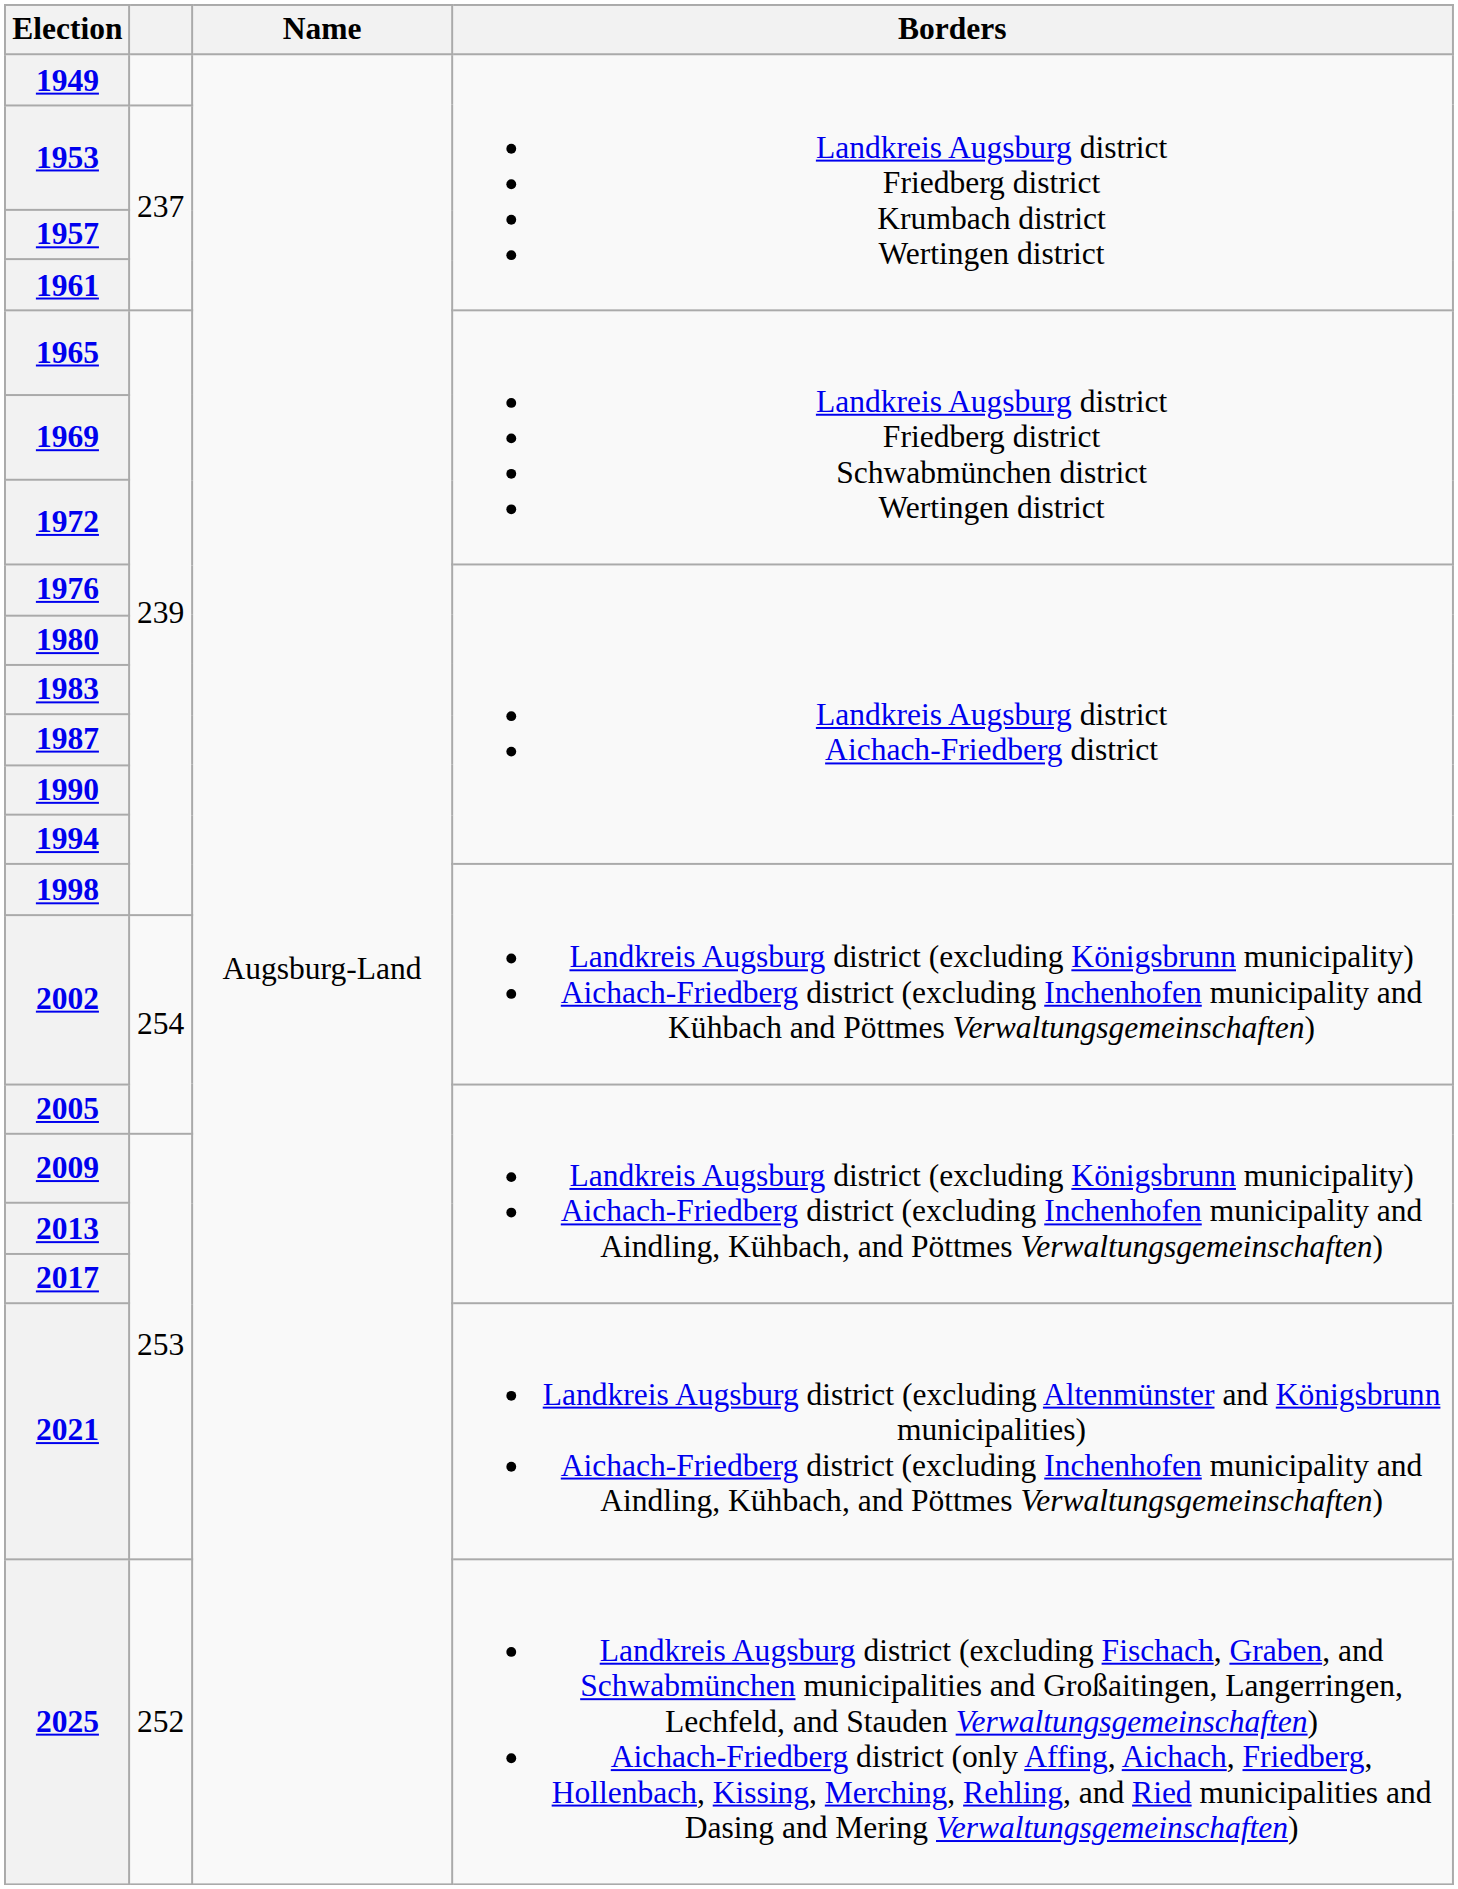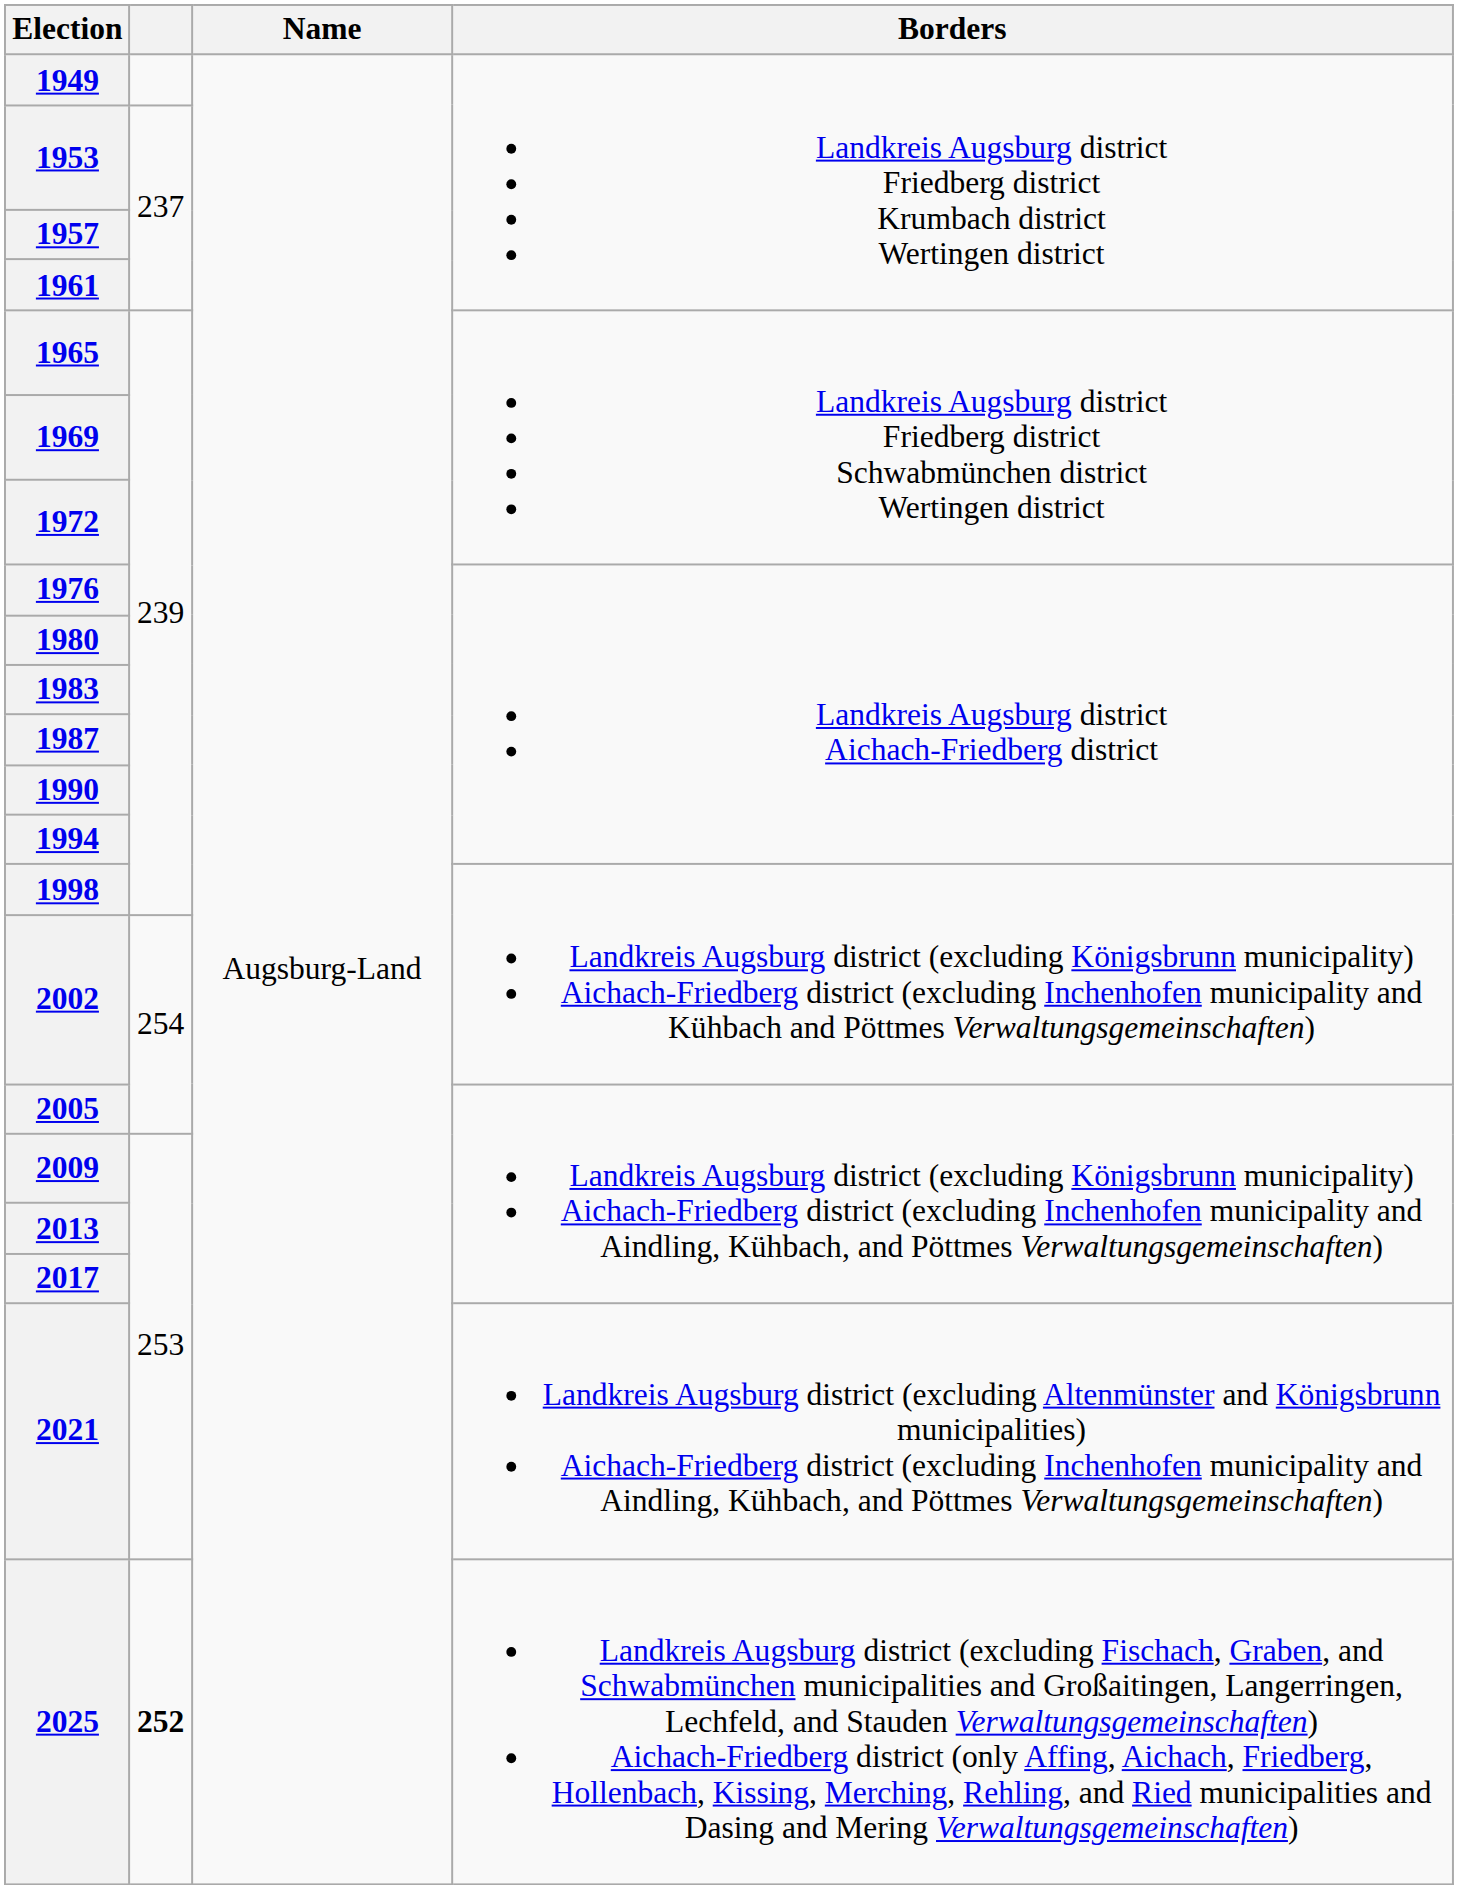 <table class=wikitable style="text-align:center">
 <tr>
 <th>Election</th>
 <th></th>
 <th width=125px>Name</th>
 <th width=500px>Borders</th>
 </tr>
 <tr>
 <th><a href='#'>1949</a></th>
 <td></td>
 <td rowspan=21>Augsburg-Land</td>
 <td rowspan=4><br><ul><li><a href='#'>Landkreis Augsburg</a> district</li><li>Friedberg district</li><li>Krumbach district</li><li>Wertingen district</li></ul></td>
 </tr>
 <tr>
 <th><a href='#'>1953</a></th>
 <td rowspan=3>237</td>
 </tr>
 <tr>
 <th><a href='#'>1957</a></th>
 </tr>
 <tr>
 <th><a href='#'>1961</a></th>
 </tr>
 <tr>
 <th><a href='#'>1965</a></th>
 <td rowspan=10>239</td>
 <td rowspan=3><br><ul><li><a href='#'>Landkreis Augsburg</a> district</li><li>Friedberg district</li><li>Schwabmünchen district</li><li>Wertingen district</li></ul></td>
 </tr>
 <tr>
 <th><a href='#'>1969</a></th>
 </tr>
 <tr>
 <th><a href='#'>1972</a></th>
 </tr>
 <tr>
 <th><a href='#'>1976</a></th>
 <td rowspan=6><br><ul><li><a href='#'>Landkreis Augsburg</a> district</li><li><a href='#'>Aichach-Friedberg</a> district</li></ul></td>
 </tr>
 <tr>
 <th><a href='#'>1980</a></th>
 </tr>
 <tr>
 <th><a href='#'>1983</a></th>
 </tr>
 <tr>
 <th><a href='#'>1987</a></th>
 </tr>
 <tr>
 <th><a href='#'>1990</a></th>
 </tr>
 <tr>
 <th><a href='#'>1994</a></th>
 </tr>
 <tr>
 <th><a href='#'>1998</a></th>
 <td rowspan=2><br><ul><li><a href='#'>Landkreis Augsburg</a> district (excluding <a href='#'>Königsbrunn</a> municipality)</li><li><a href='#'>Aichach-Friedberg</a> district (excluding <a href='#'>Inchenhofen</a> municipality and Kühbach and Pöttmes <em>Verwaltungsgemeinschaften</em>)</li></ul></td>
 </tr>
 <tr>
 <th><a href='#'>2002</a></th>
 <td rowspan=2>254</td>
 </tr>
 <tr>
 <th><a href='#'>2005</a></th>
 <td rowspan=4><br><ul><li><a href='#'>Landkreis Augsburg</a> district (excluding <a href='#'>Königsbrunn</a> municipality)</li><li><a href='#'>Aichach-Friedberg</a> district (excluding <a href='#'>Inchenhofen</a> municipality and Aindling, Kühbach, and Pöttmes <em>Verwaltungsgemeinschaften</em>)</li></ul></td>
 </tr>
 <tr>
 <th><a href='#'>2009</a></th>
 <td rowspan=4>253</td>
 </tr>
 <tr>
 <th><a href='#'>2013</a></th>
 </tr>
 <tr>
 <th><a href='#'>2017</a></th>
 </tr>
 <tr>
 <th><a href='#'>2021</a></th>
 <td><br><ul><li><a href='#'>Landkreis Augsburg</a> district (excluding <a href='#'>Altenmünster</a> and <a href='#'>Königsbrunn</a> municipalities)</li><li><a href='#'>Aichach-Friedberg</a> district (excluding <a href='#'>Inchenhofen</a> municipality and Aindling, Kühbach, and Pöttmes <em>Verwaltungsgemeinschaften</em>)</li></ul></td>
 </tr>
 <tr>
 <th><a href='#'>2025</a></th>
-<td>252</td>
+<td><strong>252</strong></td>
 <td><br><ul><li><a href='#'>Landkreis Augsburg</a> district (excluding <a href='#'>Fischach</a>, <a href='#'>Graben</a>, and <a href='#'>Schwabmünchen</a> municipalities and Großaitingen, Langerringen, Lechfeld, and Stauden <em><a href='#'>Verwaltungsgemeinschaften</a></em>)</li><li><a href='#'>Aichach-Friedberg</a> district (only <a href='#'>Affing</a>, <a href='#'>Aichach</a>, <a href='#'>Friedberg</a>, <a href='#'>Hollenbach</a>, <a href='#'>Kissing</a>, <a href='#'>Merching</a>, <a href='#'>Rehling</a>, and <a href='#'>Ried</a> municipalities and Dasing and Mering <em><a href='#'>Verwaltungsgemeinschaften</a></em>)</li></ul></td>
 </tr>
 </table>
